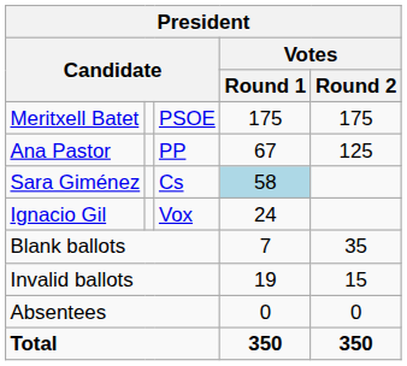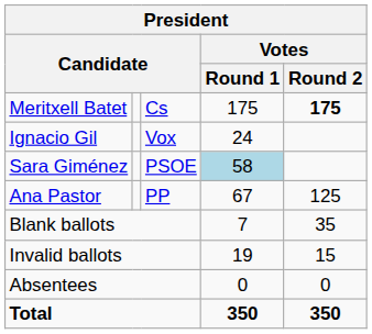 <table class="wikitable" style="font-size:95%; text-align:center;">
 <tr>
 <th colspan="5">President</th>
 </tr>
 <tr>
 <th colspan="3" rowspan="2">Candidate</th>
 <th colspan="2">Votes</th>
 </tr>
 <tr>
 <th>Round 1</th>
 <th>Round 2</th>
 </tr>
 <tr>
 <td align="left"> <a href='#'>Meritxell Batet</a></td>
 <td style="background:"></td>
+<td align="left"><a href='#'>Cs</a></td>
+<td>175</td>
+<td><strong>175</strong></td>
+</tr>
+<tr>
+<td align="left"> <a href='#'>Ignacio Gil</a></td>
+<td style="background:"></td>
+<td align="left"><a href='#'>Vox</a></td>
+<td>24</td>
+<td></td>
+</tr>
+<tr>
+<td align="left"> <a href='#'>Sara Giménez</a></td>
+<td style="background:"></td>
 <td align="left"><a href='#'>PSOE</a></td>
-<td>175</td>
-<td>175</td>
+<td style="background: lightblue;">58</td>
+<td></td>
 </tr>
 <tr>
 <td align="left"> <a href='#'>Ana Pastor</a></td>
 <td style="background:"></td>
 <td align="left"><a href='#'>PP</a></td>
 <td>67</td>
 <td>125</td>
-</tr>
-<tr>
-<td align="left"> <a href='#'>Sara Giménez</a></td>
-<td style="background:"></td>
-<td align="left"><a href='#'>Cs</a></td>
-<td style="background: lightblue;">58</td>
-<td></td>
-</tr>
-<tr>
-<td align="left"> <a href='#'>Ignacio Gil</a></td>
-<td style="background:"></td>
-<td align="left"><a href='#'>Vox</a></td>
-<td>24</td>
-<td></td>
 </tr>
 <tr>
 <td align=left colspan="3">Blank ballots</td>
 <td>7</td>
 <td>35</td>
 </tr>
 <tr>
 <td align=left colspan="3">Invalid ballots</td>
 <td>19</td>
 <td>15</td>
 </tr>
 <tr>
 <td align=left colspan="3">Absentees</td>
 <td>0</td>
 <td>0</td>
 </tr>
 <tr style="font-weight:bold">
 <td align=left colspan="3">Total</td>
 <td>350</td>
 <td>350</td>
 </tr>
 </table>
